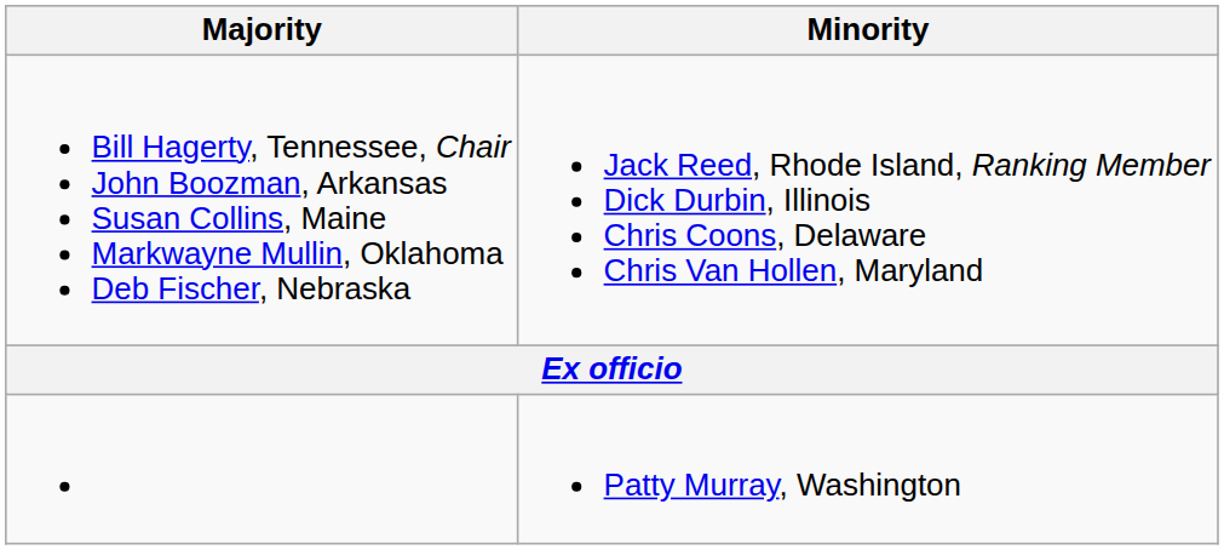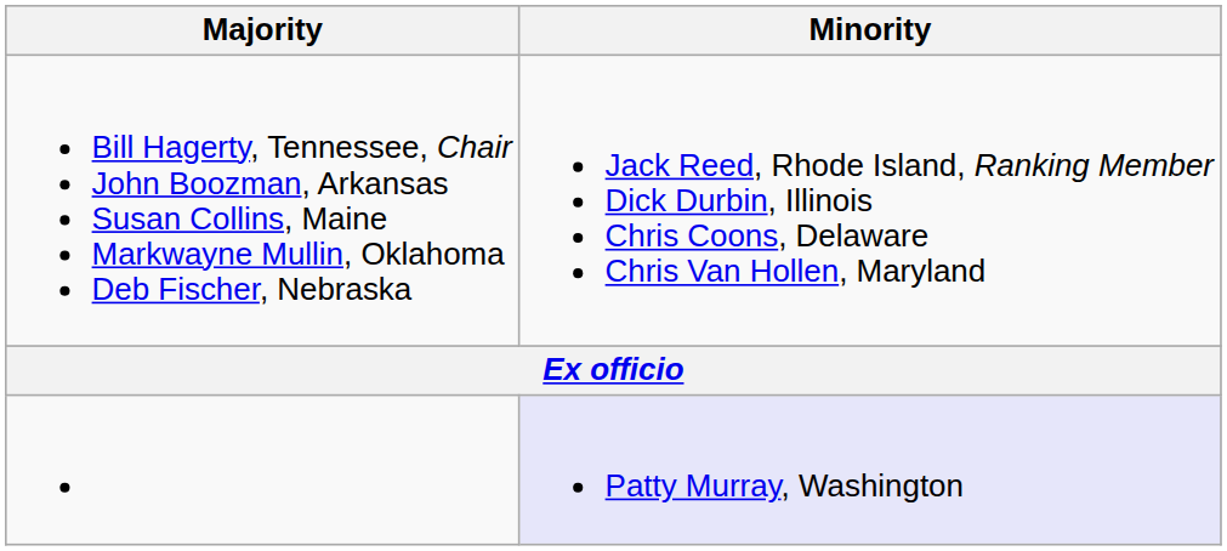 <table class=wikitable>
 <tr>
 <th>Majority</th>
 <th>Minority</th>
 </tr>
 <tr>
 <td><br><ul><li><a href='#'>Bill Hagerty</a>, Tennessee, <em>Chair</em></li><li><a href='#'>John Boozman</a>, Arkansas</li><li><a href='#'>Susan Collins</a>, Maine</li><li><a href='#'>Markwayne Mullin</a>, Oklahoma</li><li><a href='#'>Deb Fischer</a>, Nebraska</li></ul></td>
 <td><br><ul><li><a href='#'>Jack Reed</a>, Rhode Island, <em>Ranking Member</em></li><li><a href='#'>Dick Durbin</a>, Illinois</li><li><a href='#'>Chris Coons</a>, Delaware</li><li><a href='#'>Chris Van Hollen</a>, Maryland</li></ul></td>
 </tr>
 <tr>
 <th colspan=2 align=center><em><a href='#'>Ex officio</a></em></th>
 </tr>
 <tr>
 <td><br><ul><li></li></ul></td>
-<td><br><ul><li><a href='#'>Patty Murray</a>, Washington</li></ul></td>
+<td style="background: lavender;"><br><ul><li><a href='#'>Patty Murray</a>, Washington</li></ul></td>
 </tr>
 </table>
